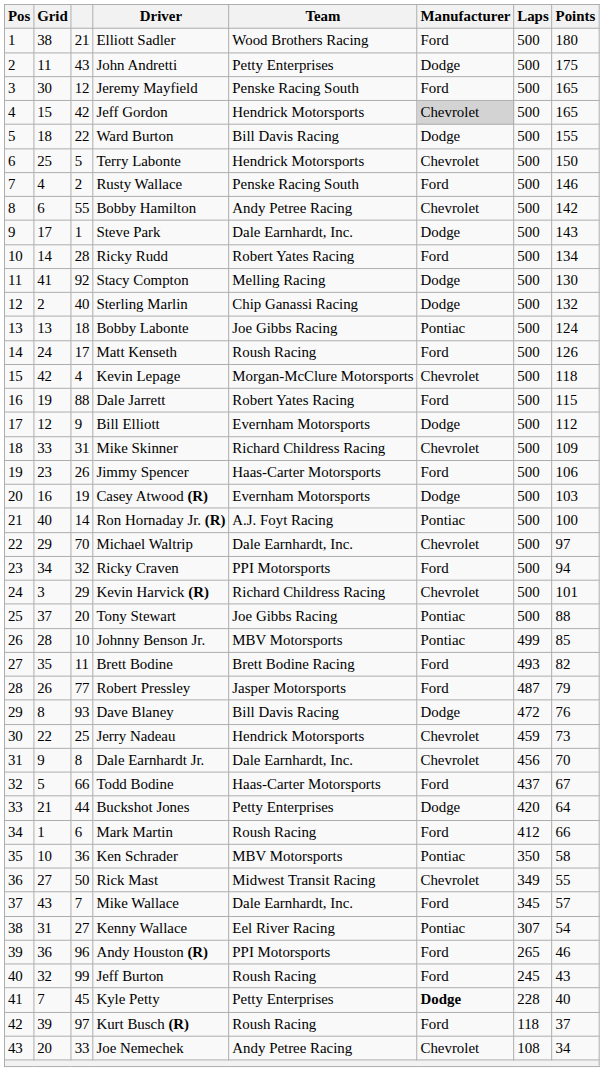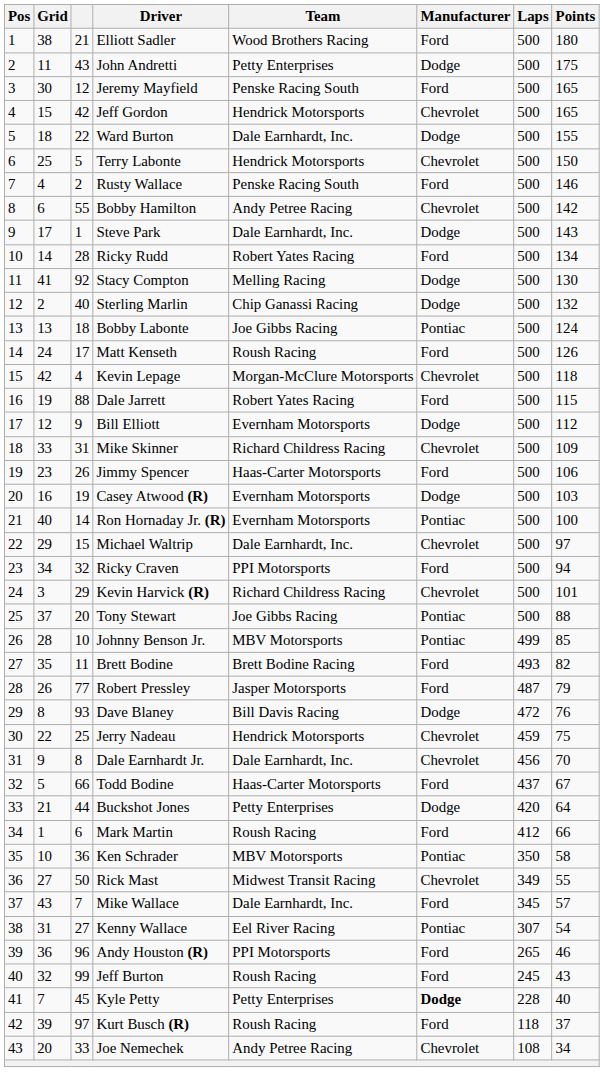 <table class="wikitable" style="font-size:98%">
 <tr>
 <th>Pos</th>
 <th>Grid</th>
 <th></th>
 <th>Driver</th>
 <th>Team</th>
 <th>Manufacturer</th>
 <th>Laps</th>
 <th>Points</th>
 </tr>
 <tr>
 <td>1</td>
 <td>38</td>
 <td>21</td>
 <td>Elliott Sadler</td>
 <td>Wood Brothers Racing</td>
 <td>Ford</td>
 <td>500</td>
 <td>180</td>
 </tr>
 <tr>
 <td>2</td>
 <td>11</td>
 <td>43</td>
 <td>John Andretti</td>
 <td>Petty Enterprises</td>
 <td>Dodge</td>
 <td>500</td>
 <td>175</td>
 </tr>
 <tr>
 <td>3</td>
 <td>30</td>
 <td>12</td>
 <td>Jeremy Mayfield</td>
 <td>Penske Racing South</td>
 <td>Ford</td>
 <td>500</td>
 <td>165</td>
 </tr>
 <tr>
 <td>4</td>
 <td>15</td>
 <td>42</td>
 <td>Jeff Gordon</td>
 <td>Hendrick Motorsports</td>
-<td style="background: lightgrey;">Chevrolet</td>
+<td>Chevrolet</td>
 <td>500</td>
 <td>165</td>
 </tr>
 <tr>
 <td>5</td>
 <td>18</td>
 <td>22</td>
 <td>Ward Burton</td>
-<td>Bill Davis Racing</td>
+<td>Dale Earnhardt, Inc.</td>
 <td>Dodge</td>
 <td>500</td>
 <td>155</td>
 </tr>
 <tr>
 <td>6</td>
 <td>25</td>
 <td>5</td>
 <td>Terry Labonte</td>
 <td>Hendrick Motorsports</td>
 <td>Chevrolet</td>
 <td>500</td>
 <td>150</td>
 </tr>
 <tr>
 <td>7</td>
 <td>4</td>
 <td>2</td>
 <td>Rusty Wallace</td>
 <td>Penske Racing South</td>
 <td>Ford</td>
 <td>500</td>
 <td>146</td>
 </tr>
 <tr>
 <td>8</td>
 <td>6</td>
 <td>55</td>
 <td>Bobby Hamilton</td>
 <td>Andy Petree Racing</td>
 <td>Chevrolet</td>
 <td>500</td>
 <td>142</td>
 </tr>
 <tr>
 <td>9</td>
 <td>17</td>
 <td>1</td>
 <td>Steve Park</td>
 <td>Dale Earnhardt, Inc.</td>
 <td>Dodge</td>
 <td>500</td>
 <td>143</td>
 </tr>
 <tr>
 <td>10</td>
 <td>14</td>
 <td>28</td>
 <td>Ricky Rudd</td>
 <td>Robert Yates Racing</td>
 <td>Ford</td>
 <td>500</td>
 <td>134</td>
 </tr>
 <tr>
 <td>11</td>
 <td>41</td>
 <td>92</td>
 <td>Stacy Compton</td>
 <td>Melling Racing</td>
 <td>Dodge</td>
 <td>500</td>
 <td>130</td>
 </tr>
 <tr>
 <td>12</td>
 <td>2</td>
 <td>40</td>
 <td>Sterling Marlin</td>
 <td>Chip Ganassi Racing</td>
 <td>Dodge</td>
 <td>500</td>
 <td>132</td>
 </tr>
 <tr>
 <td>13</td>
 <td>13</td>
 <td>18</td>
 <td>Bobby Labonte</td>
 <td>Joe Gibbs Racing</td>
 <td>Pontiac</td>
 <td>500</td>
 <td>124</td>
 </tr>
 <tr>
 <td>14</td>
 <td>24</td>
 <td>17</td>
 <td>Matt Kenseth</td>
 <td>Roush Racing</td>
 <td>Ford</td>
 <td>500</td>
 <td>126</td>
 </tr>
 <tr>
 <td>15</td>
 <td>42</td>
 <td>4</td>
 <td>Kevin Lepage</td>
 <td>Morgan-McClure Motorsports</td>
 <td>Chevrolet</td>
 <td>500</td>
 <td>118</td>
 </tr>
 <tr>
 <td>16</td>
 <td>19</td>
 <td>88</td>
 <td>Dale Jarrett</td>
 <td>Robert Yates Racing</td>
 <td>Ford</td>
 <td>500</td>
 <td>115</td>
 </tr>
 <tr>
 <td>17</td>
 <td>12</td>
 <td>9</td>
 <td>Bill Elliott</td>
 <td>Evernham Motorsports</td>
 <td>Dodge</td>
 <td>500</td>
 <td>112</td>
 </tr>
 <tr>
 <td>18</td>
 <td>33</td>
 <td>31</td>
 <td>Mike Skinner</td>
 <td>Richard Childress Racing</td>
 <td>Chevrolet</td>
 <td>500</td>
 <td>109</td>
 </tr>
 <tr>
 <td>19</td>
 <td>23</td>
 <td>26</td>
 <td>Jimmy Spencer</td>
 <td>Haas-Carter Motorsports</td>
 <td>Ford</td>
 <td>500</td>
 <td>106</td>
 </tr>
 <tr>
 <td>20</td>
 <td>16</td>
 <td>19</td>
 <td>Casey Atwood <strong>(R)</strong></td>
 <td>Evernham Motorsports</td>
 <td>Dodge</td>
 <td>500</td>
 <td>103</td>
 </tr>
 <tr>
 <td>21</td>
 <td>40</td>
 <td>14</td>
 <td>Ron Hornaday Jr. <strong>(R)</strong></td>
-<td>A.J. Foyt Racing</td>
+<td>Evernham Motorsports</td>
 <td>Pontiac</td>
 <td>500</td>
 <td>100</td>
 </tr>
 <tr>
 <td>22</td>
 <td>29</td>
-<td>70</td>
+<td>15</td>
 <td>Michael Waltrip</td>
 <td>Dale Earnhardt, Inc.</td>
 <td>Chevrolet</td>
 <td>500</td>
 <td>97</td>
 </tr>
 <tr>
 <td>23</td>
 <td>34</td>
 <td>32</td>
 <td>Ricky Craven</td>
 <td>PPI Motorsports</td>
 <td>Ford</td>
 <td>500</td>
 <td>94</td>
 </tr>
 <tr>
 <td>24</td>
 <td>3</td>
 <td>29</td>
 <td>Kevin Harvick <strong>(R)</strong></td>
 <td>Richard Childress Racing</td>
 <td>Chevrolet</td>
 <td>500</td>
 <td>101</td>
 </tr>
 <tr>
 <td>25</td>
 <td>37</td>
 <td>20</td>
 <td>Tony Stewart</td>
 <td>Joe Gibbs Racing</td>
 <td>Pontiac</td>
 <td>500</td>
 <td>88</td>
 </tr>
 <tr>
 <td>26</td>
 <td>28</td>
 <td>10</td>
 <td>Johnny Benson Jr.</td>
 <td>MBV Motorsports</td>
 <td>Pontiac</td>
 <td>499</td>
 <td>85</td>
 </tr>
 <tr>
 <td>27</td>
 <td>35</td>
 <td>11</td>
 <td>Brett Bodine</td>
 <td>Brett Bodine Racing</td>
 <td>Ford</td>
 <td>493</td>
 <td>82</td>
 </tr>
 <tr>
 <td>28</td>
 <td>26</td>
 <td>77</td>
 <td>Robert Pressley</td>
 <td>Jasper Motorsports</td>
 <td>Ford</td>
 <td>487</td>
 <td>79</td>
 </tr>
 <tr>
 <td>29</td>
 <td>8</td>
 <td>93</td>
 <td>Dave Blaney</td>
 <td>Bill Davis Racing</td>
 <td>Dodge</td>
 <td>472</td>
 <td>76</td>
 </tr>
 <tr>
 <td>30</td>
 <td>22</td>
 <td>25</td>
 <td>Jerry Nadeau</td>
 <td>Hendrick Motorsports</td>
 <td>Chevrolet</td>
 <td>459</td>
-<td>73</td>
+<td>75</td>
 </tr>
 <tr>
 <td>31</td>
 <td>9</td>
 <td>8</td>
 <td>Dale Earnhardt Jr.</td>
 <td>Dale Earnhardt, Inc.</td>
 <td>Chevrolet</td>
 <td>456</td>
 <td>70</td>
 </tr>
 <tr>
 <td>32</td>
 <td>5</td>
 <td>66</td>
 <td>Todd Bodine</td>
 <td>Haas-Carter Motorsports</td>
 <td>Ford</td>
 <td>437</td>
 <td>67</td>
 </tr>
 <tr>
 <td>33</td>
 <td>21</td>
 <td>44</td>
 <td>Buckshot Jones</td>
 <td>Petty Enterprises</td>
 <td>Dodge</td>
 <td>420</td>
 <td>64</td>
 </tr>
 <tr>
 <td>34</td>
 <td>1</td>
 <td>6</td>
 <td>Mark Martin</td>
 <td>Roush Racing</td>
 <td>Ford</td>
 <td>412</td>
 <td>66</td>
 </tr>
 <tr>
 <td>35</td>
 <td>10</td>
 <td>36</td>
 <td>Ken Schrader</td>
 <td>MBV Motorsports</td>
 <td>Pontiac</td>
 <td>350</td>
 <td>58</td>
 </tr>
 <tr>
 <td>36</td>
 <td>27</td>
 <td>50</td>
 <td>Rick Mast</td>
 <td>Midwest Transit Racing</td>
 <td>Chevrolet</td>
 <td>349</td>
 <td>55</td>
 </tr>
 <tr>
 <td>37</td>
 <td>43</td>
 <td>7</td>
 <td>Mike Wallace</td>
 <td>Dale Earnhardt, Inc.</td>
 <td>Ford</td>
 <td>345</td>
 <td>57</td>
 </tr>
 <tr>
 <td>38</td>
 <td>31</td>
 <td>27</td>
 <td>Kenny Wallace</td>
 <td>Eel River Racing</td>
 <td>Pontiac</td>
 <td>307</td>
 <td>54</td>
 </tr>
 <tr>
 <td>39</td>
 <td>36</td>
 <td>96</td>
 <td>Andy Houston <strong>(R)</strong></td>
 <td>PPI Motorsports</td>
 <td>Ford</td>
 <td>265</td>
 <td>46</td>
 </tr>
 <tr>
 <td>40</td>
 <td>32</td>
 <td>99</td>
 <td>Jeff Burton</td>
 <td>Roush Racing</td>
 <td>Ford</td>
 <td>245</td>
 <td>43</td>
 </tr>
 <tr>
 <td>41</td>
 <td>7</td>
 <td>45</td>
 <td>Kyle Petty</td>
 <td>Petty Enterprises</td>
 <td><strong>Dodge</strong></td>
 <td>228</td>
 <td>40</td>
 </tr>
 <tr>
 <td>42</td>
 <td>39</td>
 <td>97</td>
 <td>Kurt Busch <strong>(R)</strong></td>
 <td>Roush Racing</td>
 <td>Ford</td>
 <td>118</td>
 <td>37</td>
 </tr>
 <tr>
 <td>43</td>
 <td>20</td>
 <td>33</td>
 <td>Joe Nemechek</td>
 <td>Andy Petree Racing</td>
 <td>Chevrolet</td>
 <td>108</td>
 <td>34</td>
 </tr>
 <tr>
 <th colspan="8"></th>
 </tr>
 </table>
